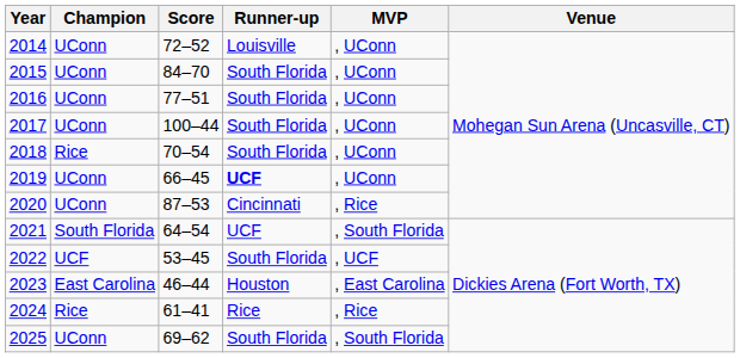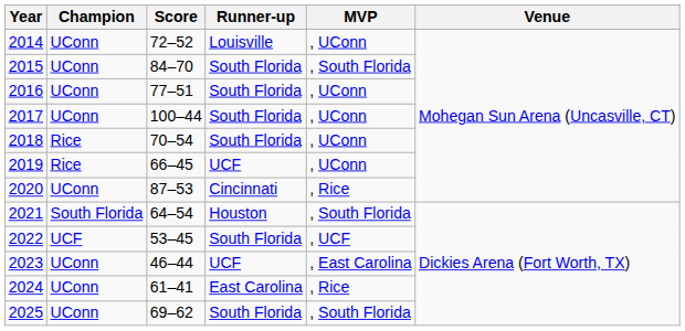 <table class="wikitable sortable; style= text-align:center">
 <tr>
 <th width=px>Year</th>
 <th width=px>Champion</th>
 <th width=px>Score</th>
 <th width=px>Runner-up</th>
 <th width=px>MVP</th>
 <th width=px>Venue</th>
 </tr>
 <tr>
 <td><a href='#'>2014</a></td>
 <td><a href='#'>UConn</a></td>
 <td>72–52</td>
 <td><a href='#'>Louisville</a></td>
 <td>, <a href='#'>UConn</a></td>
 <td rowspan=7><a href='#'>Mohegan Sun Arena</a> (<a href='#'>Uncasville, CT</a>)</td>
 </tr>
 <tr>
 <td><a href='#'>2015</a></td>
 <td><a href='#'>UConn</a></td>
 <td>84–70</td>
 <td><a href='#'>South Florida</a></td>
-<td>, <a href='#'>UConn</a></td>
+<td>, <a href='#'>South Florida</a></td>
 </tr>
 <tr>
 <td><a href='#'>2016</a></td>
 <td><a href='#'>UConn</a></td>
 <td>77–51</td>
 <td><a href='#'>South Florida</a></td>
 <td>, <a href='#'>UConn</a></td>
 </tr>
 <tr>
 <td><a href='#'>2017</a></td>
 <td><a href='#'>UConn</a></td>
 <td>100–44</td>
 <td><a href='#'>South Florida</a></td>
 <td>, <a href='#'>UConn</a></td>
 </tr>
 <tr>
 <td><a href='#'>2018</a></td>
 <td><a href='#'>Rice</a></td>
 <td>70–54</td>
 <td><a href='#'>South Florida</a></td>
 <td>, <a href='#'>UConn</a></td>
 </tr>
 <tr>
 <td><a href='#'>2019</a></td>
-<td><a href='#'>UConn</a></td>
+<td><a href='#'>Rice</a></td>
 <td>66–45</td>
-<td><strong><a href='#'>UCF</a></strong></td>
+<td><a href='#'>UCF</a></td>
 <td>, <a href='#'>UConn</a></td>
 </tr>
 <tr>
 <td><a href='#'>2020</a></td>
 <td><a href='#'>UConn</a></td>
 <td>87–53</td>
 <td><a href='#'>Cincinnati</a></td>
 <td>, <a href='#'>Rice</a></td>
 </tr>
 <tr>
 <td><a href='#'>2021</a></td>
 <td><a href='#'>South Florida</a></td>
 <td>64–54</td>
-<td><a href='#'>UCF</a></td>
+<td><a href='#'>Houston</a></td>
 <td>, <a href='#'>South Florida</a></td>
 <td rowspan=5><a href='#'>Dickies Arena</a> (<a href='#'>Fort Worth, TX</a>)</td>
 </tr>
 <tr>
 <td><a href='#'>2022</a></td>
 <td><a href='#'>UCF</a></td>
 <td>53–45</td>
 <td><a href='#'>South Florida</a></td>
 <td>, <a href='#'>UCF</a></td>
 </tr>
 <tr>
 <td><a href='#'>2023</a></td>
-<td><a href='#'> East Carolina</a></td>
+<td><a href='#'>UConn</a></td>
 <td>46–44</td>
-<td><a href='#'>Houston</a></td>
+<td><a href='#'>UCF</a></td>
 <td>, <a href='#'>East Carolina</a></td>
 </tr>
 <tr>
 <td><a href='#'>2024</a></td>
-<td><a href='#'>Rice</a></td>
+<td><a href='#'>UConn</a></td>
 <td>61–41</td>
-<td><a href='#'>Rice</a></td>
+<td><a href='#'>East Carolina</a></td>
 <td>, <a href='#'>Rice</a></td>
 </tr>
 <tr>
 <td><a href='#'>2025</a></td>
 <td><a href='#'>UConn</a></td>
 <td>69–62</td>
 <td><a href='#'>South Florida</a></td>
 <td>, <a href='#'>South Florida</a></td>
 </tr>
 </table>
